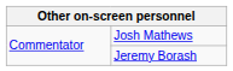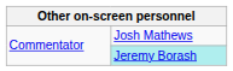 <table align="right" class="wikitable" style="border:1px; font-size:90%;">
 <tr>
 <th colspan="2" width="250"><strong>Other on-screen personnel</strong></th>
 </tr>
 <tr>
 <td rowspan=2><a href='#'>Commentator</a></td>
 <td><a href='#'>Josh Mathews</a></td>
 </tr>
 <tr>
-<td><a href='#'>Jeremy Borash</a></td>
+<td style="background: paleturquoise;"><a href='#'>Jeremy Borash</a></td>
 </tr>
 <tr>
 </tr>
 </table>
